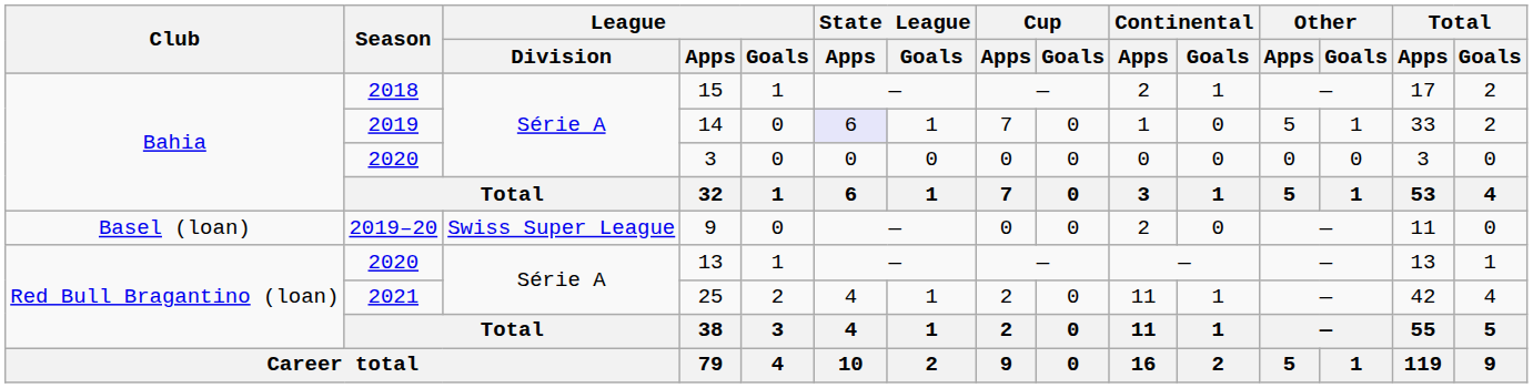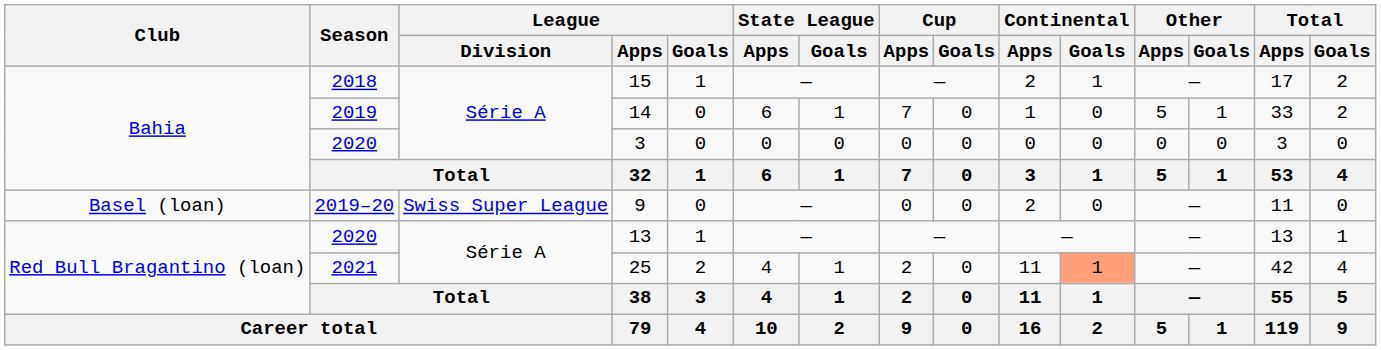 <table class="wikitable" style="text-align: center;">
 <tr>
 <th rowspan="2">Club</th>
 <th rowspan="2">Season</th>
 <th colspan="3">League</th>
 <th colspan="2">State League</th>
 <th colspan="2">Cup</th>
 <th colspan="2">Continental</th>
 <th colspan="2">Other</th>
 <th colspan="2">Total</th>
 </tr>
 <tr>
 <th>Division</th>
 <th>Apps</th>
 <th>Goals</th>
 <th>Apps</th>
 <th>Goals</th>
 <th>Apps</th>
 <th>Goals</th>
 <th>Apps</th>
 <th>Goals</th>
 <th>Apps</th>
 <th>Goals</th>
 <th>Apps</th>
 <th>Goals</th>
 </tr>
 <tr>
 <td rowspan="4" valign="center"><a href='#'>Bahia</a></td>
 <td><a href='#'>2018</a></td>
 <td rowspan="3"><a href='#'>Série A</a></td>
 <td>15</td>
 <td>1</td>
 <td colspan="2">—</td>
 <td colspan="2">—</td>
 <td>2</td>
 <td>1</td>
 <td colspan="2">—</td>
 <td>17</td>
 <td>2</td>
 </tr>
 <tr>
 <td><a href='#'>2019</a></td>
 <td>14</td>
 <td>0</td>
-<td style="background: lavender;">6</td>
+<td>6</td>
 <td>1</td>
 <td>7</td>
 <td>0</td>
 <td>1</td>
 <td>0</td>
 <td>5</td>
 <td>1</td>
 <td>33</td>
 <td>2</td>
 </tr>
 <tr>
 <td><a href='#'>2020</a></td>
 <td>3</td>
 <td>0</td>
 <td>0</td>
 <td>0</td>
 <td>0</td>
 <td>0</td>
 <td>0</td>
 <td>0</td>
 <td>0</td>
 <td>0</td>
 <td>3</td>
 <td>0</td>
 </tr>
 <tr>
 <th colspan="2">Total</th>
 <th>32</th>
 <th>1</th>
 <th>6</th>
 <th>1</th>
 <th>7</th>
 <th>0</th>
 <th>3</th>
 <th>1</th>
 <th>5</th>
 <th>1</th>
 <th>53</th>
 <th>4</th>
 </tr>
 <tr>
 <td><a href='#'>Basel</a> (loan)</td>
 <td><a href='#'>2019–20</a></td>
 <td><a href='#'>Swiss Super League</a></td>
 <td>9</td>
 <td>0</td>
 <td colspan="2">—</td>
 <td>0</td>
 <td>0</td>
 <td>2</td>
 <td>0</td>
 <td colspan="2">—</td>
 <td>11</td>
 <td>0</td>
 </tr>
 <tr>
 <td rowspan="3" valign="center"><a href='#'>Red Bull Bragantino</a> (loan)</td>
 <td><a href='#'>2020</a></td>
 <td rowspan="2">Série A</td>
 <td>13</td>
 <td>1</td>
 <td colspan="2">—</td>
 <td colspan="2">—</td>
 <td colspan="2">—</td>
 <td colspan="2">—</td>
 <td>13</td>
 <td>1</td>
 </tr>
 <tr>
 <td><a href='#'>2021</a></td>
 <td>25</td>
 <td>2</td>
 <td>4</td>
 <td>1</td>
 <td>2</td>
 <td>0</td>
 <td>11</td>
-<td>1</td>
+<td style="background: lightsalmon;">1</td>
 <td colspan="2">—</td>
 <td>42</td>
 <td>4</td>
 </tr>
 <tr>
 <th colspan="2">Total</th>
 <th>38</th>
 <th>3</th>
 <th>4</th>
 <th>1</th>
 <th>2</th>
 <th>0</th>
 <th>11</th>
 <th>1</th>
 <th colspan="2">—</th>
 <th>55</th>
 <th>5</th>
 </tr>
 <tr>
 <th colspan="3"><strong>Career total</strong></th>
 <th>79</th>
 <th>4</th>
 <th>10</th>
 <th>2</th>
 <th>9</th>
 <th>0</th>
 <th>16</th>
 <th>2</th>
 <th>5</th>
 <th>1</th>
 <th>119</th>
 <th>9</th>
 </tr>
 </table>
